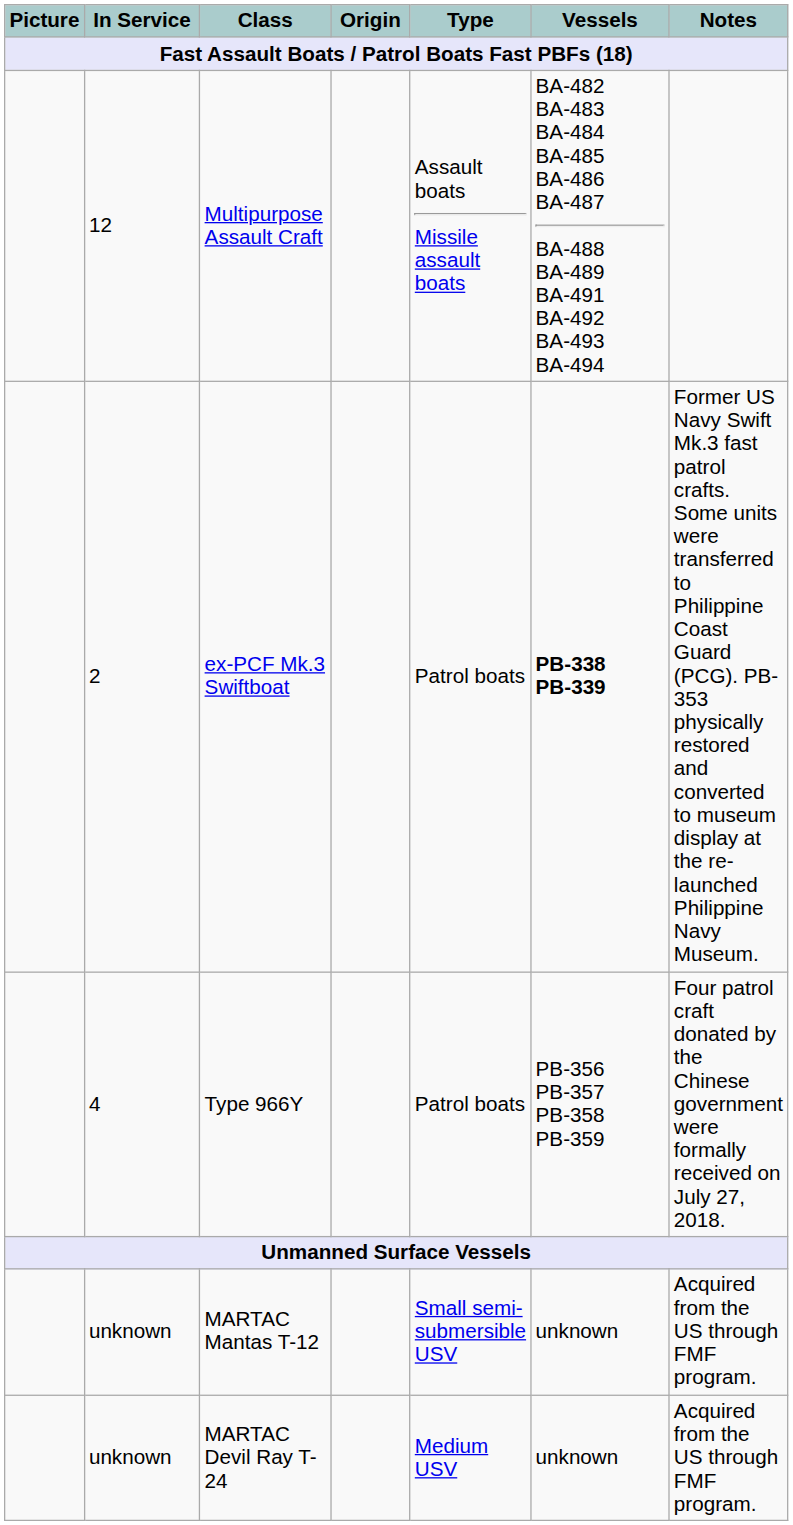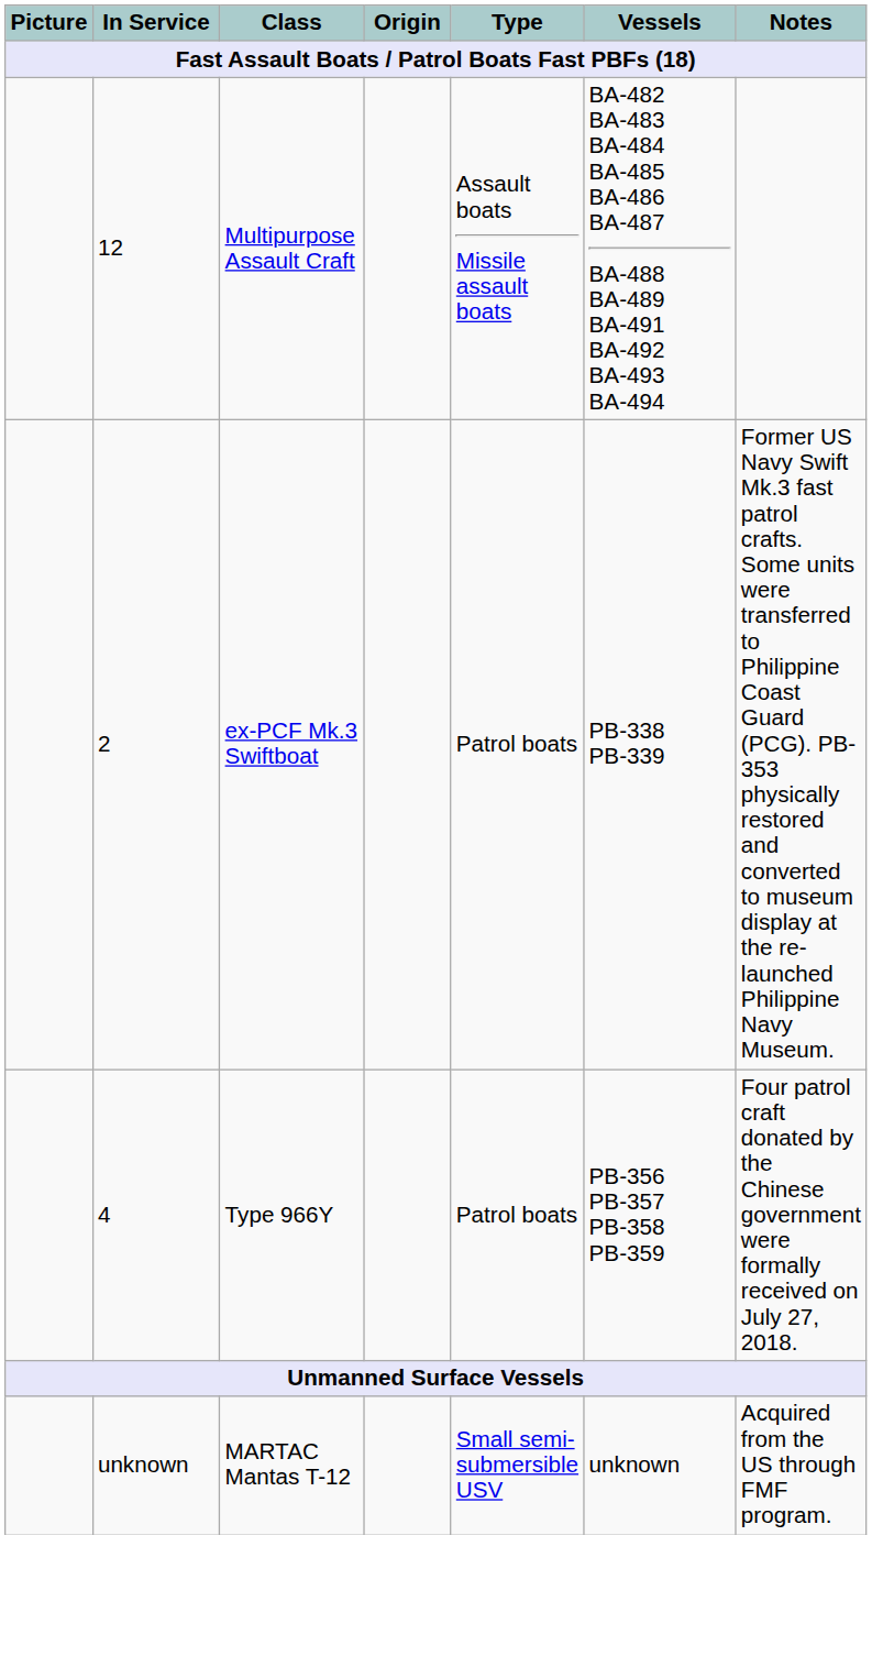 <table class="wikitable">
 <tr>
 <th style="text-align: center; background:#acc; width:9%;">Picture</th>
 <th style="text-align: center; background:#acc; width:17%;">In Service</th>
 <th style="text-align: center; background:#acc; width:17%;">Class</th>
 <th style="text-align: center; background:#acc; width:11%;">Origin</th>
 <th style="text-align: center; background:#acc; width:11%;">Type</th>
 <th style="text-align: center; background:#acc; width:22%;">Vessels</th>
 <th style="text-align: center; background:#acc; width:30%;">Notes</th>
 </tr>
 <tr>
 <th colspan="7" style="align: center; background: lavender;">Fast Assault Boats / Patrol Boats Fast PBFs (18)</th>
 </tr>
 <tr>
 <td></td>
 <td>12</td>
 <td><a href='#'>Multipurpose Assault Craft</a></td>
 <td><br></td>
 <td>Assault boats<hr><a href='#'>Missile assault boats</a></td>
 <td>BA-482<br>BA-483<br>BA-484<br>BA-485<br>BA-486<br>BA-487<hr>BA-488<br>BA-489<br>BA-491<br>BA-492<br>BA-493<br>BA-494</td>
 <td></td>
 </tr>
 <tr>
 <td></td>
 <td>2</td>
 <td><a href='#'>ex-PCF Mk.3 Swiftboat</a></td>
 <td></td>
 <td>Patrol boats</td>
-<td><strong>PB-338<br>PB-339</strong></td>
+<td>PB-338<br>PB-339</td>
 <td>Former US Navy Swift Mk.3 fast patrol crafts. Some units were transferred to Philippine Coast Guard (PCG). PB-353 physically restored and converted to museum display at the re-launched Philippine Navy Museum.</td>
 </tr>
 <tr>
 <td></td>
 <td>4</td>
 <td>Type 966Y</td>
 <td></td>
 <td>Patrol boats</td>
 <td>PB-356<br>PB-357<br>PB-358<br>PB-359</td>
 <td>Four patrol craft donated by the Chinese government were formally received on July 27, 2018.</td>
 </tr>
 <tr>
 <th colspan="7" style="align: center; background: lavender;">Unmanned Surface Vessels</th>
 </tr>
 <tr>
 <td></td>
 <td>unknown</td>
 <td>MARTAC Mantas T-12</td>
 <td></td>
 <td><a href='#'>Small semi-submersible USV</a></td>
 <td>unknown</td>
 <td>Acquired from the US through FMF program.</td>
 </tr>
-<tr>
-<td></td>
-<td>unknown</td>
-<td>MARTAC Devil Ray  T-24</td>
-<td></td>
-<td><a href='#'>Medium USV</a></td>
-<td>unknown</td>
-<td>Acquired from the US through FMF program.</td>
-</tr>
 </table>
